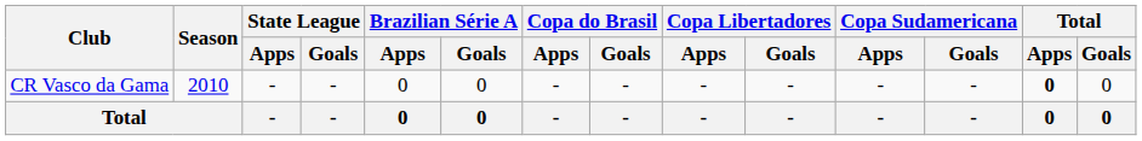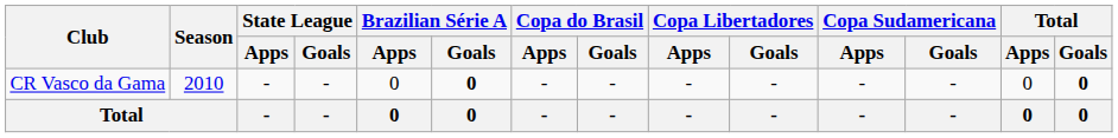 <table class="wikitable" style="text-align: center;">
 <tr>
 <th rowspan="2">Club</th>
 <th rowspan="2">Season</th>
 <th colspan="2">State League</th>
 <th colspan="2"><a href='#'>Brazilian Série A</a></th>
 <th colspan="2"><a href='#'>Copa do Brasil</a></th>
 <th colspan="2"><a href='#'>Copa Libertadores</a></th>
 <th colspan="2"><a href='#'>Copa Sudamericana</a></th>
 <th colspan="2">Total</th>
 </tr>
 <tr>
 <th>Apps</th>
 <th>Goals</th>
 <th>Apps</th>
 <th>Goals</th>
 <th>Apps</th>
 <th>Goals</th>
 <th>Apps</th>
 <th>Goals</th>
 <th>Apps</th>
 <th>Goals</th>
 <th>Apps</th>
 <th>Goals</th>
 </tr>
 <tr>
 <td rowspan="1" valign="center"><a href='#'>CR Vasco da Gama</a></td>
 <td><a href='#'>2010</a></td>
 <td>-</td>
 <td>-</td>
 <td>0</td>
-<td>0</td>
+<td><strong>0</strong></td>
 <td>-</td>
 <td>-</td>
 <td>-</td>
 <td>-</td>
 <td>-</td>
 <td>-</td>
+<td>0</td>
 <td><strong>0</strong></td>
-<td>0</td>
 </tr>
 <tr>
 <th colspan="2"><strong>Total</strong></th>
 <th>-</th>
 <th>-</th>
 <th>0</th>
 <th>0</th>
 <th>-</th>
 <th>-</th>
 <th>-</th>
 <th>-</th>
 <th>-</th>
 <th>-</th>
 <th>0</th>
 <th>0</th>
 </tr>
 </table>
